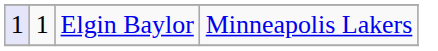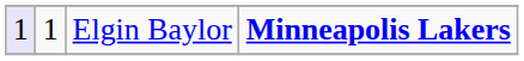 <table class="wikitable">
 <tr align="center">
 </tr>
 <tr align="center">
 <td style="background: lavender;">1</td>
 <td>1</td>
 <td><a href='#'>Elgin Baylor</a></td>
-<td><a href='#'>Minneapolis Lakers</a></td>
+<td><strong><a href='#'>Minneapolis Lakers</a></strong></td>
 </tr>
 <tr align="center">
 </tr>
 </table>
